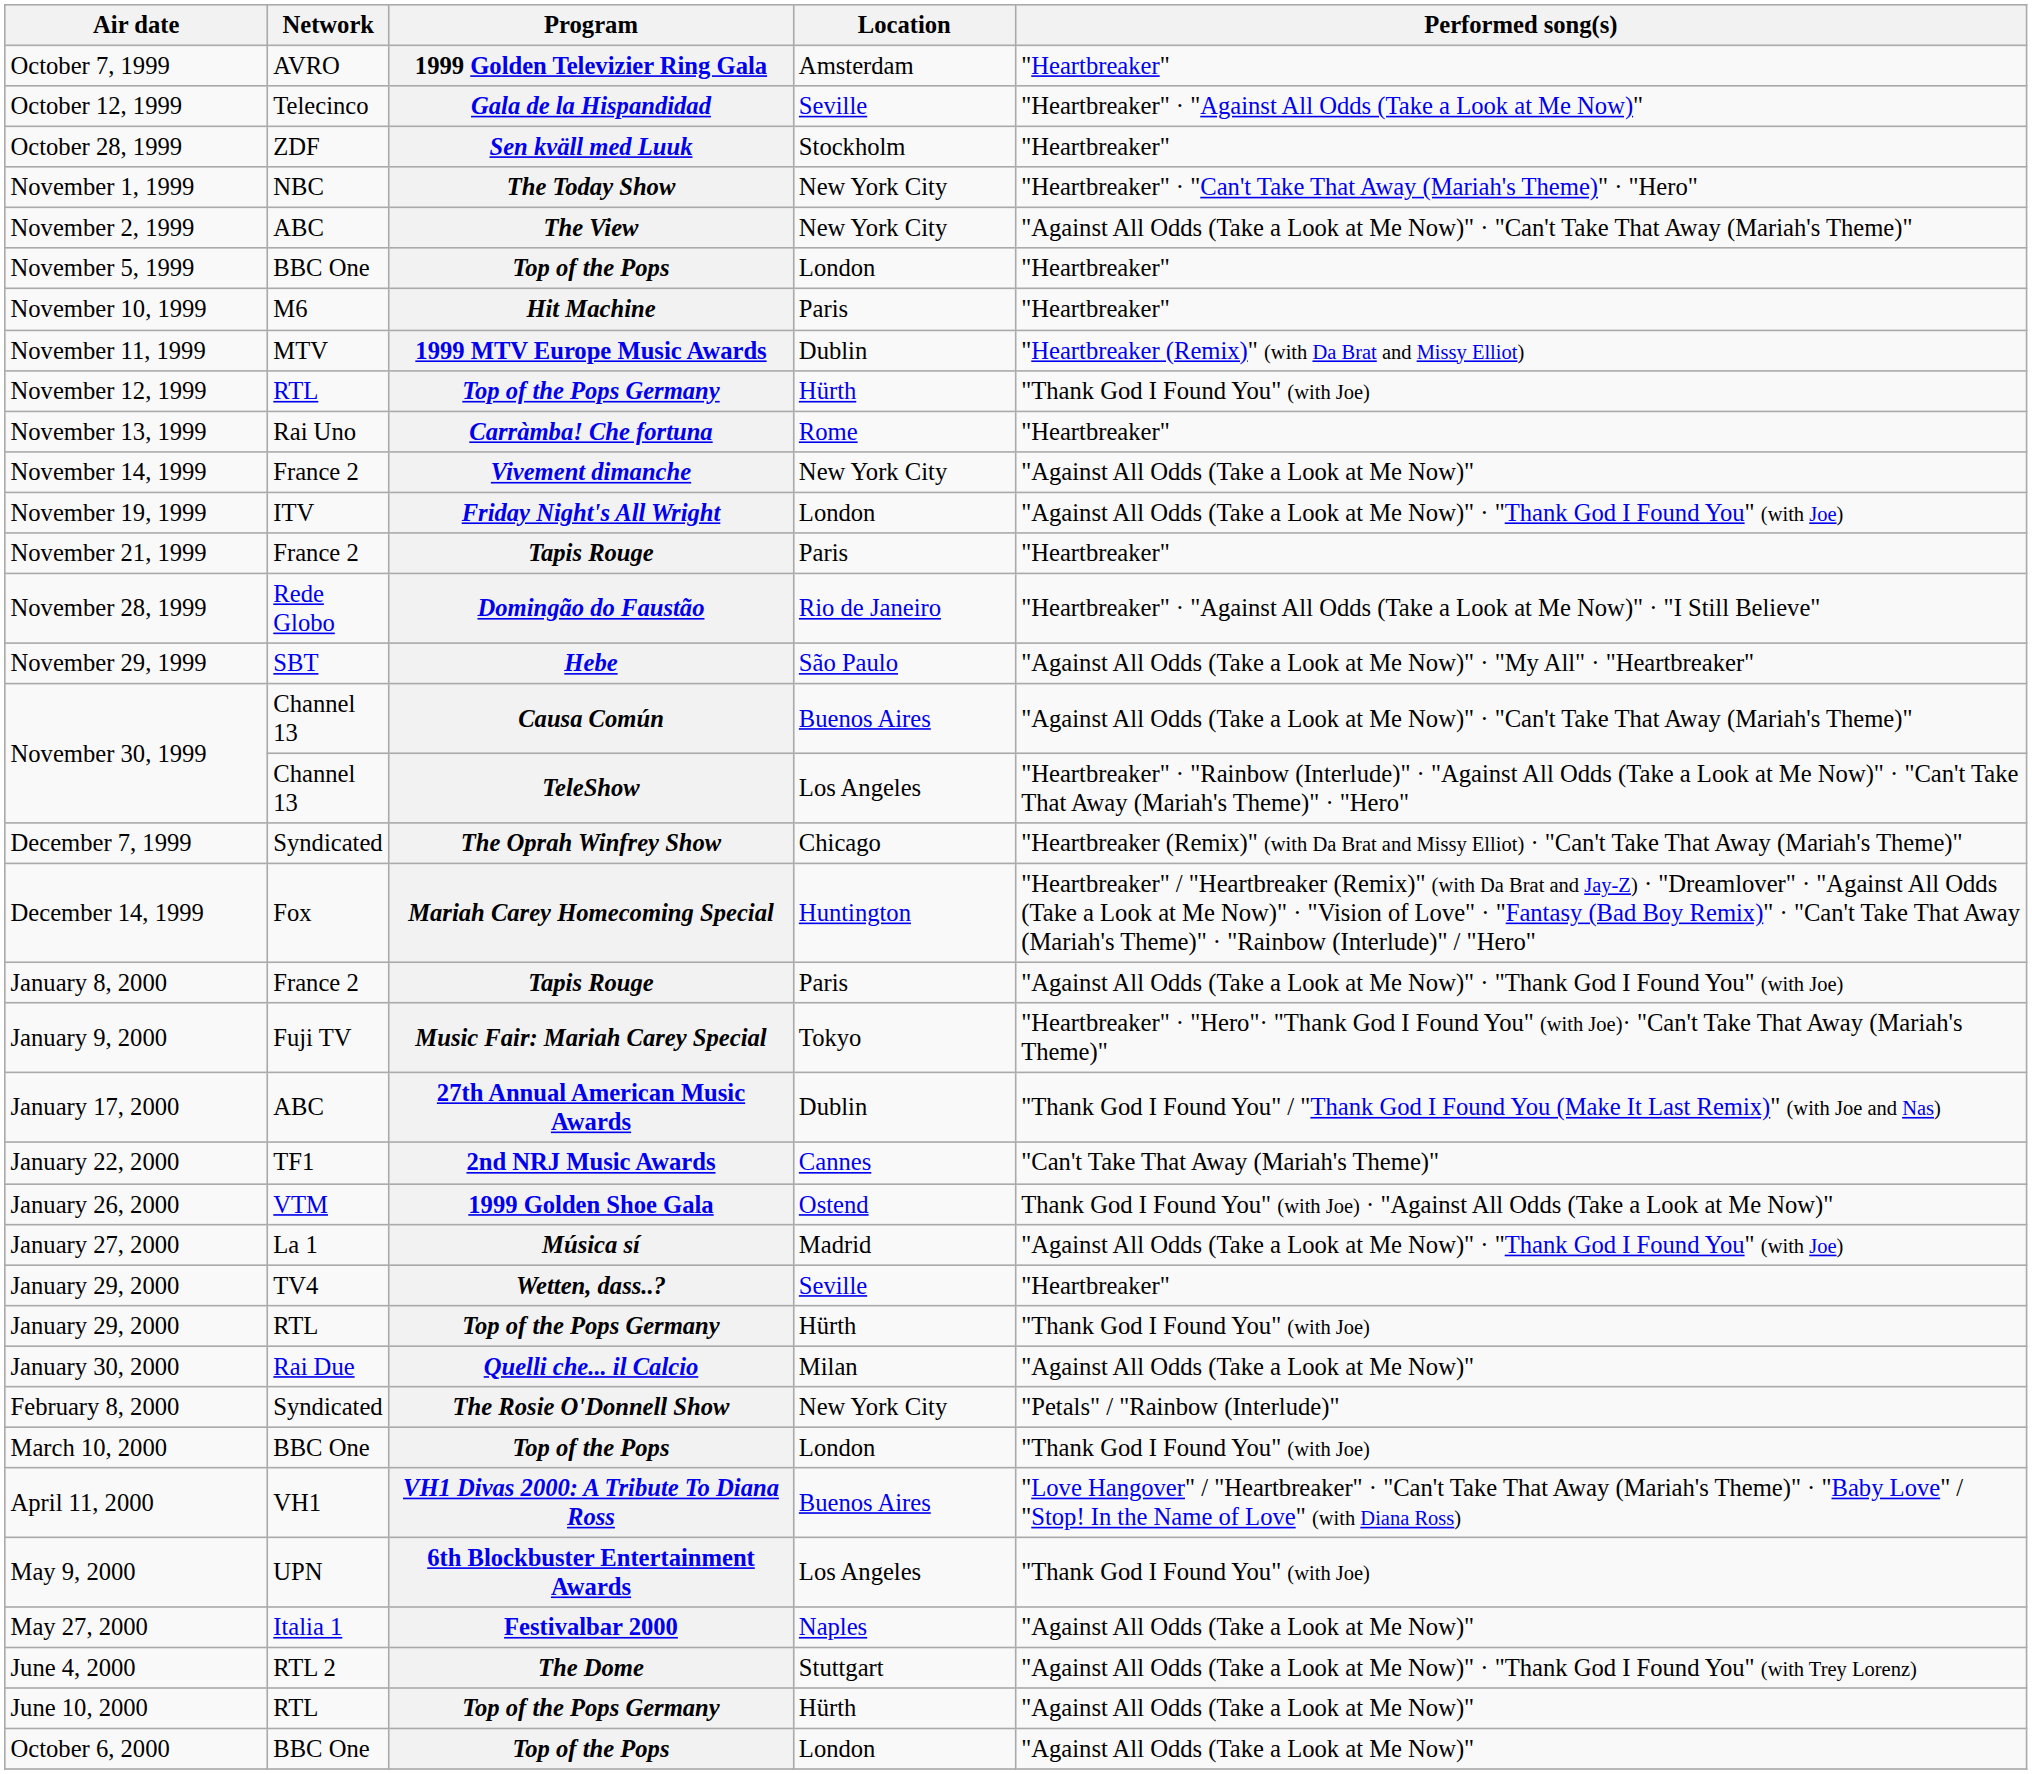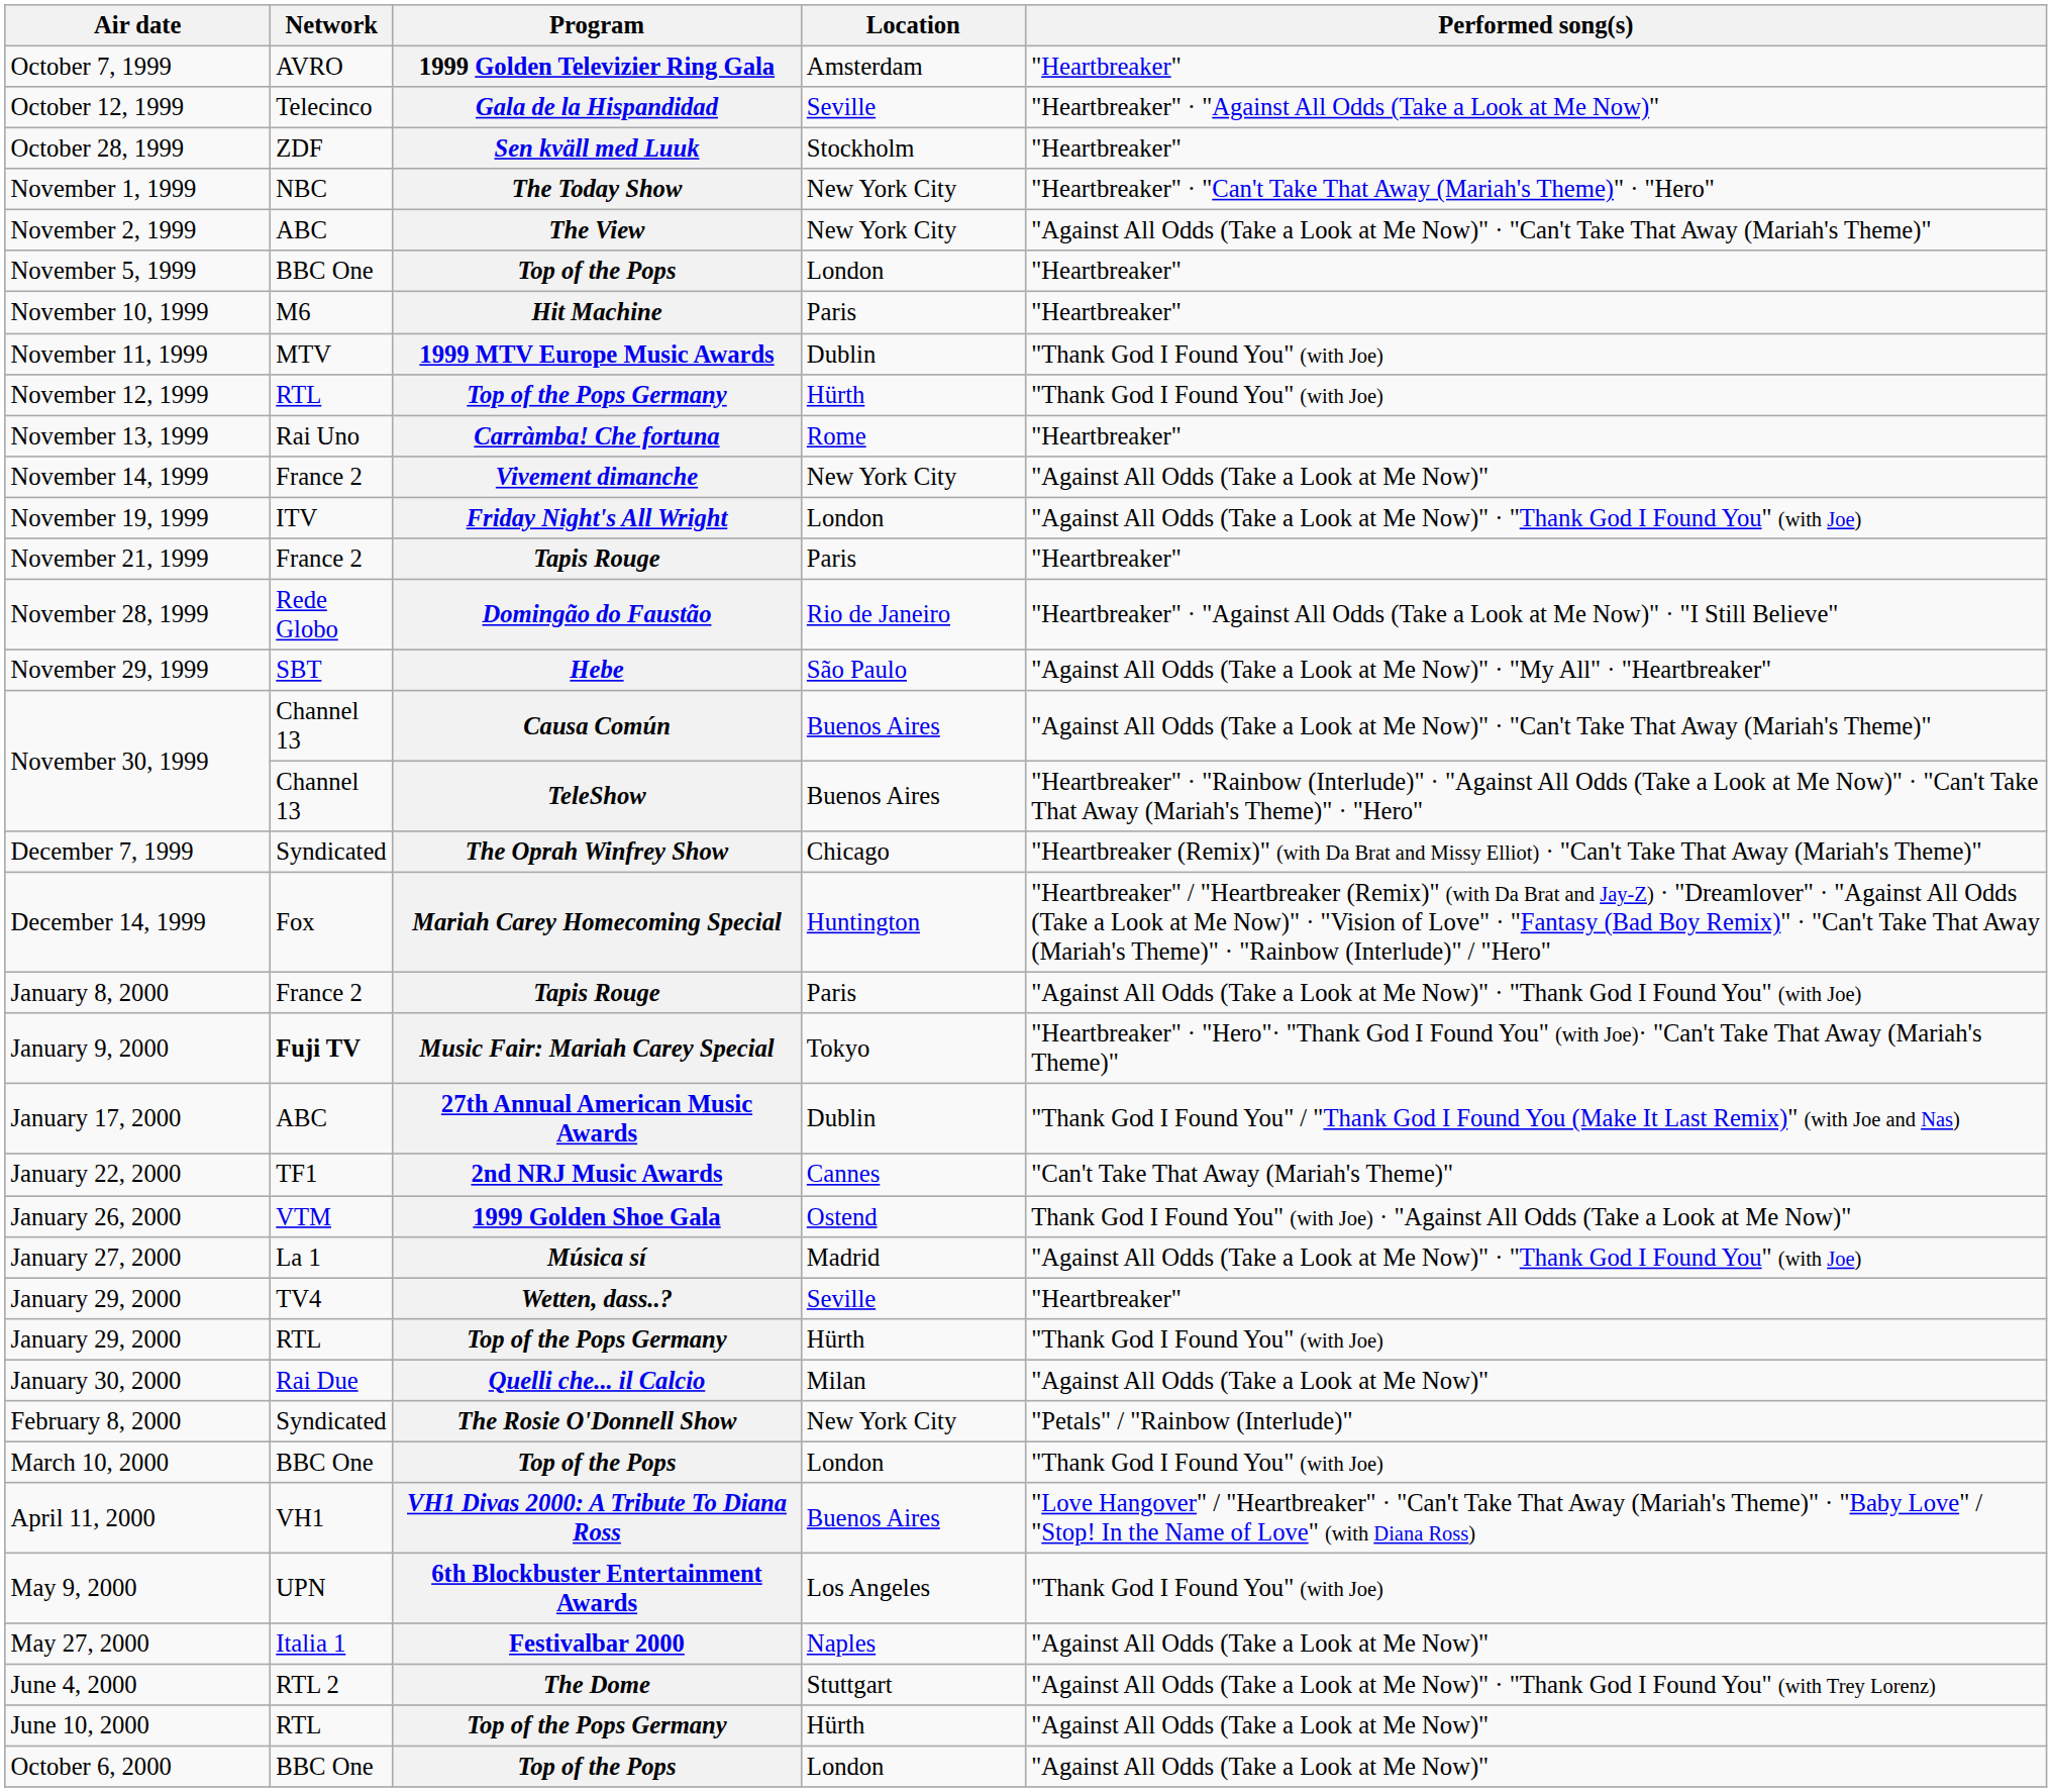 <table class="wikitable sortable plainrowheaders" style="font-size:95%;">
 <tr>
 <th style="width:13%;">Air date</th>
 <th style="width:6%;">Network</th>
 <th style="width:20%;">Program</th>
 <th style="width:11%;">Location</th>
 <th style="width:51%;">Performed song(s)</th>
 </tr>
 <tr>
 <td>October 7, 1999</td>
 <td>AVRO</td>
 <th scope="row">1999 <a href='#'>Golden Televizier Ring Gala</a></th>
 <td>Amsterdam</td>
 <td>"<a href='#'>Heartbreaker</a>"</td>
 </tr>
 <tr>
 <td>October 12, 1999</td>
 <td>Telecinco</td>
 <th scope="row"><em><a href='#'>Gala de la Hispandidad</a></em></th>
 <td><a href='#'>Seville</a></td>
 <td>"Heartbreaker" · "<a href='#'>Against All Odds (Take a Look at Me Now)</a>"</td>
 </tr>
 <tr>
 <td>October 28, 1999</td>
 <td>ZDF</td>
 <th scope="row"><em><a href='#'>Sen kväll med Luuk</a></em></th>
 <td>Stockholm</td>
 <td>"Heartbreaker"</td>
 </tr>
 <tr>
 <td>November 1, 1999</td>
 <td>NBC</td>
 <th scope="row"><em>The Today Show</em></th>
 <td>New York City</td>
 <td>"Heartbreaker" · "<a href='#'>Can't Take That Away (Mariah's Theme)</a>" · "Hero"</td>
 </tr>
 <tr>
 <td>November 2, 1999</td>
 <td>ABC</td>
 <th scope="row"><em>The View</em></th>
 <td>New York City</td>
 <td>"Against All Odds (Take a Look at Me Now)" · "Can't Take That Away (Mariah's Theme)"</td>
 </tr>
 <tr>
 <td>November 5, 1999</td>
 <td>BBC One</td>
 <th scope="row"><em>Top of the Pops</em></th>
 <td>London</td>
 <td>"Heartbreaker"</td>
 </tr>
 <tr>
 <td>November 10, 1999</td>
 <td>M6</td>
 <th scope="row"><em>Hit Machine</em></th>
 <td>Paris</td>
 <td>"Heartbreaker"</td>
 </tr>
 <tr>
 <td>November 11, 1999</td>
 <td>MTV</td>
 <th scope="row"><a href='#'>1999 MTV Europe Music Awards</a></th>
 <td>Dublin</td>
-<td>"<a href='#'>Heartbreaker (Remix)</a>" <small>(with <a href='#'>Da Brat</a> and <a href='#'>Missy Elliot</a>)</small></td>
+<td>"Thank God I Found You" <small>(with Joe)</small></td>
 </tr>
 <tr>
 <td>November 12, 1999</td>
 <td><a href='#'>RTL</a></td>
 <th scope="row"><em><a href='#'>Top of the Pops Germany</a></em></th>
 <td><a href='#'>Hürth</a></td>
 <td>"Thank God I Found You" <small>(with Joe)</small></td>
 </tr>
 <tr>
 <td>November 13, 1999</td>
 <td>Rai Uno</td>
 <th scope="row"><em><a href='#'>Carràmba! Che fortuna</a></em></th>
 <td><a href='#'>Rome</a></td>
 <td>"Heartbreaker"</td>
 </tr>
 <tr>
 <td>November 14, 1999</td>
 <td>France 2</td>
 <th scope="row"><em><a href='#'>Vivement dimanche</a></em></th>
 <td>New York City</td>
 <td>"Against All Odds (Take a Look at Me Now)"</td>
 </tr>
 <tr>
 <td>November 19, 1999</td>
 <td>ITV</td>
 <th scope="row"><em><a href='#'>Friday Night's All Wright</a></em></th>
 <td>London</td>
 <td>"Against All Odds (Take a Look at Me Now)" · "<a href='#'>Thank God I Found You</a>" <small>(with <a href='#'>Joe</a>)</small></td>
 </tr>
 <tr>
 <td>November 21, 1999</td>
 <td>France 2</td>
 <th scope="row"><em>Tapis Rouge</em></th>
 <td>Paris</td>
 <td>"Heartbreaker"</td>
 </tr>
 <tr>
 <td>November 28, 1999</td>
 <td><a href='#'>Rede Globo</a></td>
 <th scope="row"><em><a href='#'>Domingão do Faustão</a></em></th>
 <td><a href='#'>Rio de Janeiro</a></td>
 <td>"Heartbreaker" · "Against All Odds (Take a Look at Me Now)" · "I Still Believe"</td>
 </tr>
 <tr>
 <td>November 29, 1999</td>
 <td><a href='#'>SBT</a></td>
 <th scope="row"><em><a href='#'>Hebe</a></em></th>
 <td><a href='#'>São Paulo</a></td>
 <td>"Against All Odds (Take a Look at Me Now)" · "My All" · "Heartbreaker"</td>
 </tr>
 <tr>
 <td rowspan="2">November 30, 1999</td>
 <td>Channel 13</td>
 <th scope="row"><em>Causa Común</em></th>
 <td><a href='#'>Buenos Aires</a></td>
 <td>"Against All Odds (Take a Look at Me Now)" · "Can't Take That Away (Mariah's Theme)"</td>
 </tr>
 <tr>
 <td>Channel 13</td>
 <th scope="row"><em>TeleShow</em></th>
-<td>Los Angeles</td>
+<td>Buenos Aires</td>
 <td>"Heartbreaker" · "Rainbow (Interlude)" · "Against All Odds (Take a Look at Me Now)" · "Can't Take That Away (Mariah's Theme)" · "Hero"</td>
 </tr>
 <tr>
 <td>December 7, 1999</td>
 <td>Syndicated</td>
 <th scope="row"><em>The Oprah Winfrey Show</em></th>
 <td>Chicago</td>
 <td>"Heartbreaker (Remix)"  <small>(with Da Brat and Missy Elliot)</small> · "Can't Take That Away (Mariah's Theme)"</td>
 </tr>
 <tr>
 <td>December 14, 1999</td>
 <td>Fox</td>
 <th scope="row"><em>Mariah Carey Homecoming Special</em></th>
 <td><a href='#'>Huntington</a></td>
 <td>"Heartbreaker" / "Heartbreaker (Remix)" <small>(with Da Brat and <a href='#'>Jay-Z</a>)</small> · "Dreamlover" · "Against All Odds (Take a Look at Me Now)" · "Vision of Love" · "<a href='#'>Fantasy (Bad Boy Remix)</a>" · "Can't Take That Away (Mariah's Theme)" · "Rainbow (Interlude)" / "Hero"</td>
 </tr>
 <tr>
 <td>January 8, 2000</td>
 <td>France 2</td>
 <th scope="row"><em>Tapis Rouge</em></th>
 <td>Paris</td>
 <td>"Against All Odds (Take a Look at Me Now)" · "Thank God I Found You" <small>(with Joe)</small></td>
 </tr>
 <tr>
 <td>January 9, 2000</td>
-<td>Fuji TV</td>
+<td><strong>Fuji TV</strong></td>
 <th scope="row"><em>Music Fair: Mariah Carey Special</em></th>
 <td>Tokyo</td>
 <td>"Heartbreaker" · "Hero"· "Thank God I Found You" <small>(with Joe)</small>· "Can't Take That Away (Mariah's Theme)"</td>
 </tr>
 <tr>
 <td>January 17, 2000</td>
 <td>ABC</td>
 <th scope="row"><a href='#'>27th Annual American Music Awards</a></th>
 <td>Dublin</td>
 <td>"Thank God I Found You" / "<a href='#'>Thank God I Found You (Make It Last Remix)</a>" <small>(with Joe and <a href='#'>Nas</a>)</small></td>
 </tr>
 <tr>
 <td>January 22, 2000</td>
 <td>TF1</td>
 <th scope="row"><a href='#'>2nd NRJ Music Awards</a></th>
 <td><a href='#'>Cannes</a></td>
 <td>"Can't Take That Away (Mariah's Theme)"</td>
 </tr>
 <tr>
 <td>January 26, 2000</td>
 <td><a href='#'>VTM</a></td>
 <th scope="row"><a href='#'>1999 Golden Shoe Gala</a></th>
 <td><a href='#'>Ostend</a></td>
 <td>Thank God I Found You" <small>(with Joe)</small> · "Against All Odds (Take a Look at Me Now)"</td>
 </tr>
 <tr>
 <td>January 27, 2000</td>
 <td>La 1</td>
 <th scope="row"><em>Música sí</em></th>
 <td>Madrid</td>
 <td>"Against All Odds (Take a Look at Me Now)" · "<a href='#'>Thank God I Found You</a>" <small>(with <a href='#'>Joe</a>)</small></td>
 </tr>
 <tr>
 <td>January 29, 2000</td>
 <td>TV4</td>
 <th scope="row"><em>Wetten, dass..?</em></th>
 <td><a href='#'>Seville</a></td>
 <td>"Heartbreaker"</td>
 </tr>
 <tr>
 <td>January 29, 2000</td>
 <td>RTL</td>
 <th scope="row"><em>Top of the Pops Germany</em></th>
 <td>Hürth</td>
 <td>"Thank God I Found You" <small>(with Joe)</small></td>
 </tr>
 <tr>
 <td>January 30, 2000</td>
 <td><a href='#'>Rai Due</a></td>
 <th scope="row"><em><a href='#'>Quelli che... il Calcio</a></em></th>
 <td>Milan</td>
 <td>"Against All Odds (Take a Look at Me Now)"</td>
 </tr>
 <tr>
 <td>February 8, 2000</td>
 <td>Syndicated</td>
 <th scope="row"><em>The Rosie O'Donnell Show</em></th>
 <td>New York City</td>
 <td>"Petals" / "Rainbow (Interlude)"</td>
 </tr>
 <tr>
 <td>March 10, 2000</td>
 <td>BBC One</td>
 <th scope="row"><em>Top of the Pops</em></th>
 <td>London</td>
 <td>"Thank God I Found You" <small>(with Joe)</small></td>
 </tr>
 <tr>
 <td>April 11, 2000</td>
 <td>VH1</td>
 <th scope="row"><em><a href='#'>VH1 Divas 2000: A Tribute To Diana Ross</a></em></th>
 <td><a href='#'>Buenos Aires</a></td>
 <td>"<a href='#'>Love Hangover</a>" / "Heartbreaker" · "Can't Take That Away (Mariah's Theme)" · "<a href='#'>Baby Love</a>" / "<a href='#'>Stop! In the Name of Love</a>" <small>(with <a href='#'>Diana Ross</a>)</small></td>
 </tr>
 <tr>
 <td>May 9, 2000</td>
 <td>UPN</td>
 <th scope="row"><a href='#'>6th Blockbuster Entertainment Awards</a></th>
 <td>Los Angeles</td>
 <td>"Thank God I Found You" <small>(with Joe)</small></td>
 </tr>
 <tr>
 <td>May 27, 2000</td>
 <td><a href='#'>Italia 1</a></td>
 <th scope="row"><a href='#'>Festivalbar 2000</a></th>
 <td><a href='#'>Naples</a></td>
 <td>"Against All Odds (Take a Look at Me Now)"</td>
 </tr>
 <tr>
 <td>June 4, 2000</td>
 <td>RTL 2</td>
 <th scope="row"><em>The Dome</em></th>
 <td>Stuttgart</td>
 <td>"Against All Odds (Take a Look at Me Now)" · "Thank God I Found You" <small>(with Trey Lorenz)</small></td>
 </tr>
 <tr>
 <td>June 10, 2000</td>
 <td>RTL</td>
 <th scope="row"><em>Top of the Pops Germany</em></th>
 <td>Hürth</td>
 <td>"Against All Odds (Take a Look at Me Now)"</td>
 </tr>
 <tr>
 <td>October 6, 2000</td>
 <td>BBC One</td>
 <th scope="row"><em>Top of the Pops</em></th>
 <td>London</td>
 <td>"Against All Odds (Take a Look at Me Now)"</td>
 </tr>
 </table>
